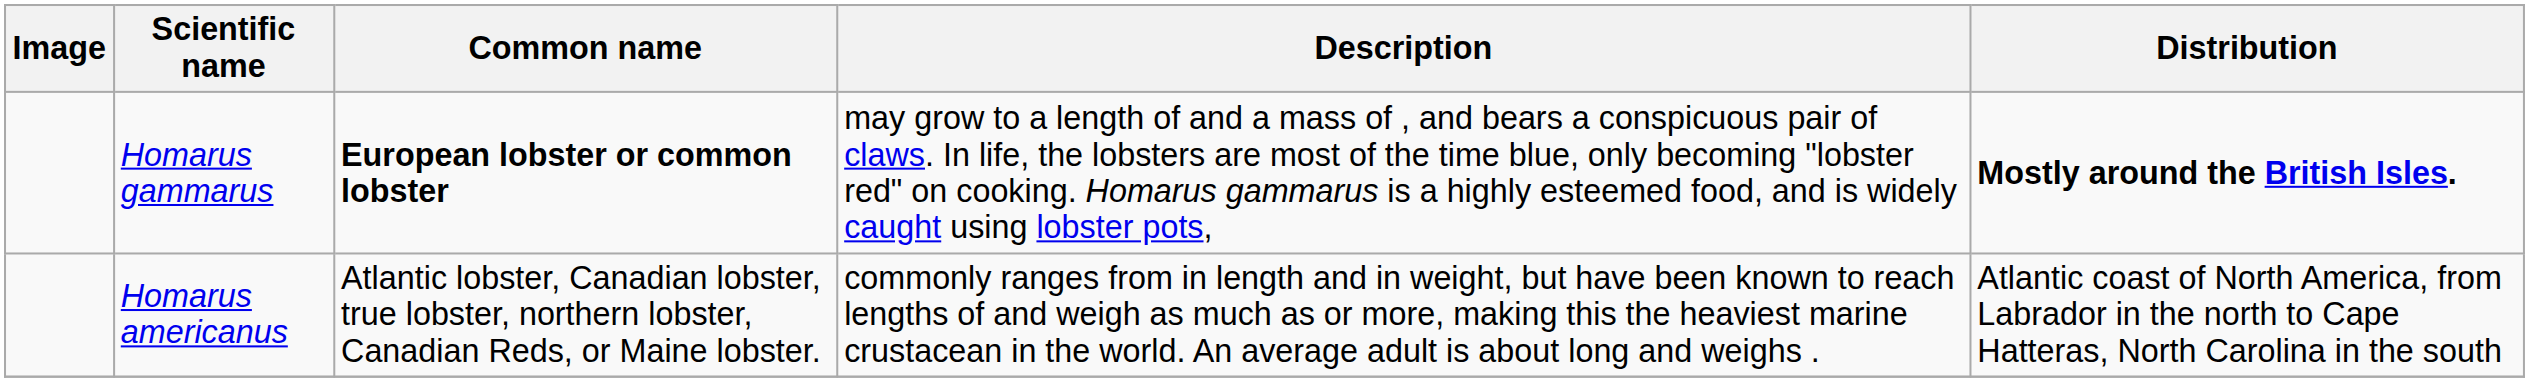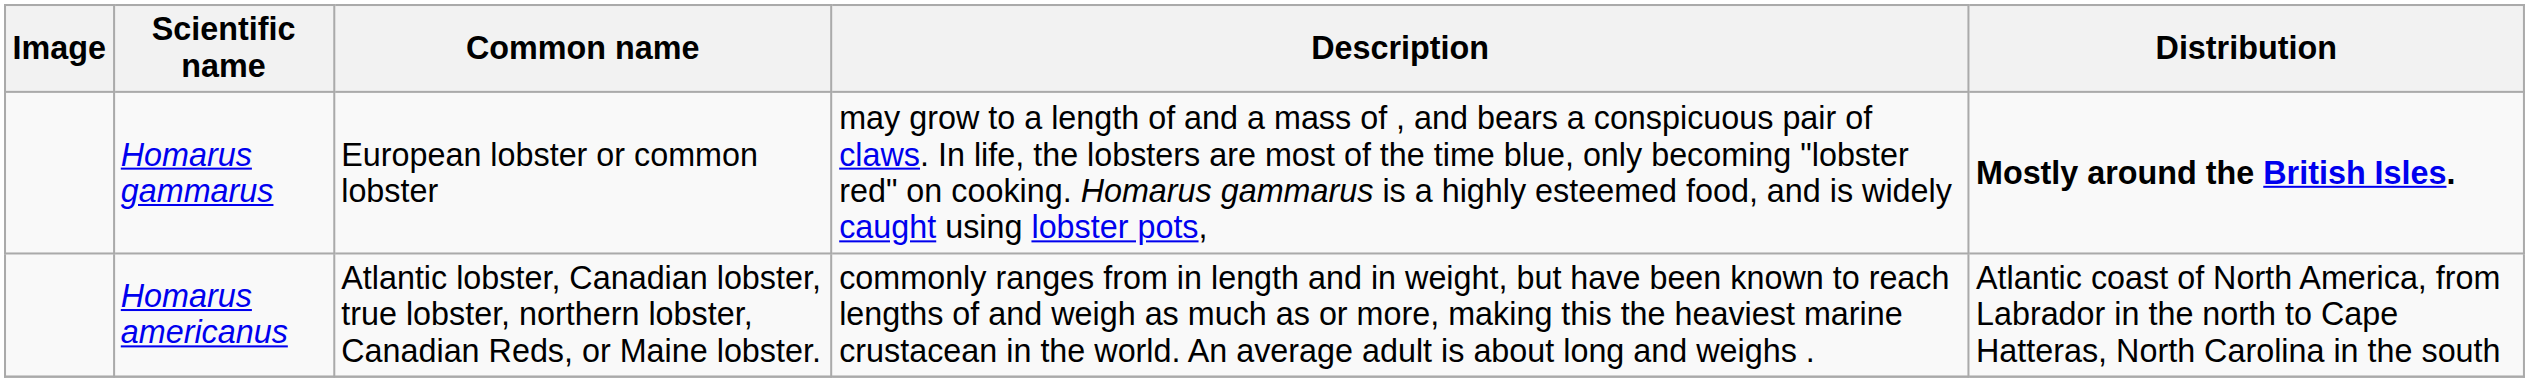 <table class="wikitable">
 <tr>
 <th>Image</th>
 <th>Scientific name</th>
 <th>Common name</th>
 <th>Description</th>
 <th>Distribution</th>
 </tr>
 <tr>
 <td></td>
 <td><em><a href='#'>Homarus gammarus</a></em> </td>
-<td><strong>European lobster or common lobster</strong></td>
+<td>European lobster or common lobster</td>
 <td>may grow to a length of  and a mass of , and bears a conspicuous pair of <a href='#'>claws</a>. In life, the lobsters are most of the time blue, only becoming "lobster red" on cooking. <em>Homarus gammarus</em> is a highly esteemed food, and is widely <a href='#'>caught</a> using <a href='#'>lobster pots</a>,</td>
 <td><strong>Mostly around the <a href='#'>British Isles</a>.</strong></td>
 </tr>
 <tr>
 <td></td>
 <td><em><a href='#'>Homarus americanus</a></em> </td>
 <td>Atlantic lobster, Canadian lobster, true lobster, northern lobster, Canadian Reds, or Maine lobster.</td>
 <td>commonly ranges from  in length and  in weight, but have been known to reach lengths of  and weigh as much as  or more, making this the heaviest marine crustacean in the world. An average adult is about  long and weighs .</td>
 <td>Atlantic coast of North America, from Labrador in the north to Cape Hatteras, North Carolina in the south</td>
 </tr>
 <tr>
 </tr>
 </table>
